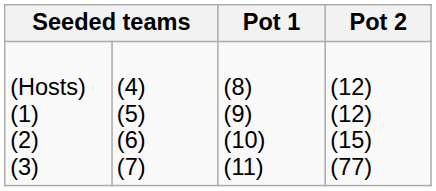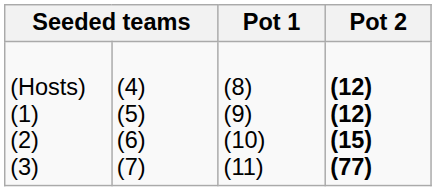 <table class="wikitable">
 <tr>
 <th colspan=2>Seeded teams</th>
 <th width=25%>Pot 1</th>
 <th width=25%>Pot 2</th>
 </tr>
 <tr>
 <td width=25%><br> (Hosts)<br>  (1)<br>  (2)<br>  (3)</td>
 <td width=25%><br> (4)<br>  (5)<br>  (6)<br>  (7)</td>
 <td><br> (8)<br>  (9)<br>  (10)<br>  (11)</td>
-<td><br> (12)<br>  (12)<br>  (15)<br>  (77)</td>
+<td><strong><br> (12)<br>  (12)<br>  (15)<br>  (77)</strong></td>
 </tr>
 </table>
